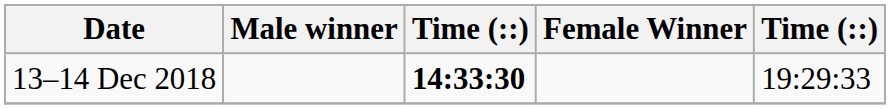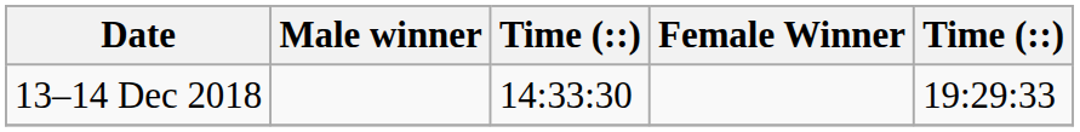 <table class="wikitable sortable">
 <tr>
 <th>Date</th>
 <th>Male winner</th>
 <th>Time (::)</th>
 <th>Female Winner</th>
 <th>Time (::)</th>
 </tr>
 <tr>
 <td>13–14 Dec 2018</td>
 <td></td>
-<td><strong>14:33:30</strong></td>
+<td>14:33:30</td>
 <td></td>
 <td>19:29:33</td>
 </tr>
 <tr>
 </tr>
 </table>
